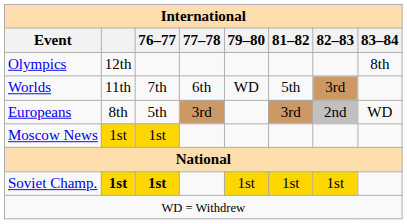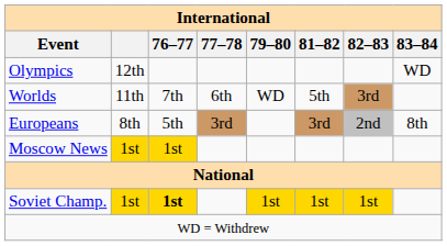 <table class="wikitable" style="text-align:center">
 <tr>
 <th style="background-color: #ffdead; " colspan=8 align=center>International</th>
 </tr>
 <tr>
 <th>Event</th>
 <th></th>
 <th>76–77</th>
 <th>77–78</th>
 <th>79–80</th>
 <th>81–82</th>
 <th>82–83</th>
 <th>83–84</th>
 </tr>
 <tr>
 <td align=left><a href='#'>Olympics</a></td>
 <td>12th</td>
 <td></td>
 <td></td>
 <td></td>
 <td></td>
 <td></td>
-<td>8th</td>
+<td>WD</td>
 </tr>
 <tr>
 <td align=left><a href='#'>Worlds</a></td>
 <td>11th</td>
 <td>7th</td>
 <td>6th</td>
 <td>WD</td>
 <td>5th</td>
 <td bgcolor=cc9966>3rd</td>
 <td></td>
 </tr>
 <tr>
 <td align=left><a href='#'>Europeans</a></td>
 <td>8th</td>
 <td>5th</td>
 <td bgcolor=cc9966>3rd</td>
 <td></td>
 <td bgcolor=cc9966>3rd</td>
 <td bgcolor=silver>2nd</td>
-<td>WD</td>
+<td>8th</td>
 </tr>
 <tr>
 <td align=left><a href='#'>Moscow News</a></td>
 <td bgcolor=gold>1st</td>
 <td bgcolor=gold>1st</td>
 <td></td>
 <td></td>
 <td></td>
 <td></td>
 <td></td>
 </tr>
 <tr>
 <th style="background-color: #ffdead; " colspan=8 align=center>National</th>
 </tr>
 <tr>
 <td align=left><a href='#'>Soviet Champ.</a></td>
-<td bgcolor=gold><strong>1st</strong></td>
+<td bgcolor=gold>1st</td>
 <td bgcolor=gold><strong>1st</strong></td>
 <td></td>
 <td bgcolor=gold>1st</td>
 <td bgcolor=gold>1st</td>
 <td bgcolor=gold>1st</td>
 <td></td>
 </tr>
 <tr>
 <td colspan=8 align=center><small> WD = Withdrew </small></td>
 </tr>
 </table>
